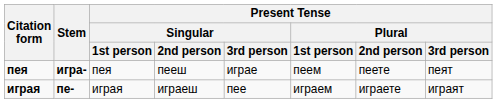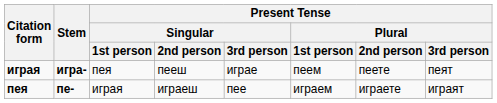 <table class="wikitable">
 <tr>
 <th rowspan="3">Citation<br>form</th>
 <th rowspan="3">Stem</th>
 <th colspan="6">Present Tense</th>
 </tr>
 <tr>
 <th colspan="3">Singular</th>
 <th colspan="3">Plural</th>
 </tr>
 <tr>
 <th><strong>1st person</strong></th>
 <th><strong>2nd person</strong></th>
 <th><strong>3rd person</strong></th>
 <th><strong>1st person</strong></th>
 <th><strong>2nd person</strong></th>
 <th><strong>3rd person</strong></th>
 </tr>
 <tr>
-<td><strong>пея</strong> <br></td>
+<td><strong>играя</strong> <br></td>
 <td><strong>игра-</strong> <br></td>
 <td>пе<span>я</span> <br></td>
 <td>пе<span>е</span><span>ш</span> <br></td>
 <td>игра<span>е</span> <br></td>
 <td>пе<span>е</span><span>м</span> <br></td>
 <td>пе<span>е</span><span>те</span> <br></td>
 <td>пе<span>ят</span> <br></td>
 </tr>
 <tr>
-<td><strong>играя</strong> <br></td>
+<td><strong>пея</strong> <br></td>
 <td><strong>пе-</strong> <br></td>
 <td>игра<span>я</span> <br></td>
 <td>игра<span>е</span><span>ш</span> <br></td>
 <td>пе<span>е</span> <br></td>
 <td>игра<span>е</span><span>м</span> <br></td>
 <td>игра<span>е</span><span>те</span> <br></td>
 <td>игра<span>ят</span> <br></td>
 </tr>
 </table>
